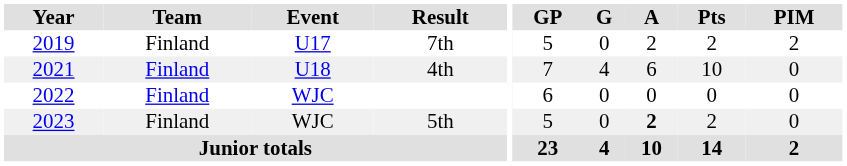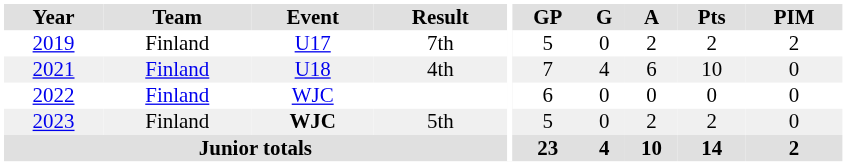 <table border="0" cellpadding="1" cellspacing="0" ID="Table3" style="text-align:center; width:40em;">
 <tr bgcolor="#e0e0e0">
 <th>Year</th>
 <th>Team</th>
 <th>Event</th>
 <th>Result</th>
 <th rowspan="99" bgcolor="#ffffff"></th>
 <th>GP</th>
 <th>G</th>
 <th>A</th>
 <th>Pts</th>
 <th>PIM</th>
 </tr>
 <tr>
 <td><a href='#'>2019</a></td>
 <td>Finland</td>
 <td><a href='#'>U17</a></td>
 <td>7th</td>
 <td>5</td>
 <td>0</td>
 <td>2</td>
 <td>2</td>
 <td>2</td>
 </tr>
 <tr bgcolor="#f0f0f0">
 <td><a href='#'>2021</a></td>
 <td><a href='#'>Finland</a></td>
 <td><a href='#'>U18</a></td>
 <td>4th</td>
 <td>7</td>
 <td>4</td>
 <td>6</td>
 <td>10</td>
 <td>0</td>
 </tr>
 <tr>
 <td><a href='#'>2022</a></td>
 <td><a href='#'>Finland</a></td>
 <td><a href='#'>WJC</a></td>
 <td></td>
 <td>6</td>
 <td>0</td>
 <td>0</td>
 <td>0</td>
 <td>0</td>
 </tr>
 <tr bgcolor="#f0f0f0">
 <td><a href='#'>2023</a></td>
 <td>Finland</td>
-<td>WJC</td>
+<td><strong>WJC</strong></td>
 <td>5th</td>
 <td>5</td>
 <td>0</td>
-<td><strong>2</strong></td>
+<td>2</td>
 <td>2</td>
 <td>0</td>
 </tr>
 <tr bgcolor="#e0e0e0">
 <th colspan="4">Junior totals</th>
 <th>23</th>
 <th>4</th>
 <th>10</th>
 <th>14</th>
 <th>2</th>
 </tr>
 </table>
